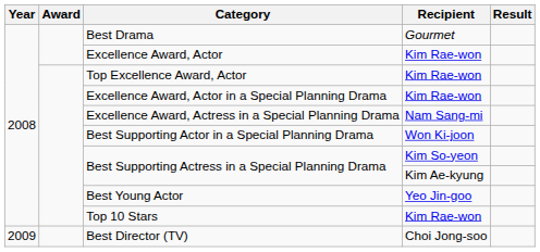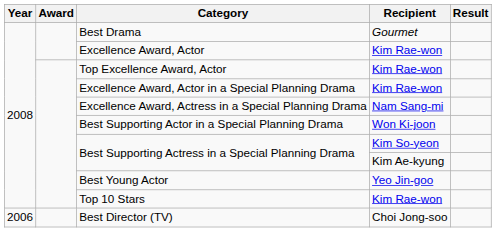 <table class="wikitable">
 <tr>
 <th>Year</th>
 <th>Award</th>
 <th>Category</th>
 <th>Recipient</th>
 <th>Result</th>
 </tr>
 <tr>
 <td rowspan=10>2008</td>
 <td rowspan=2></td>
 <td>Best Drama</td>
 <td><em>Gourmet</em></td>
 <td></td>
 </tr>
 <tr>
 <td>Excellence Award, Actor</td>
 <td><a href='#'>Kim Rae-won</a></td>
 <td></td>
 </tr>
 <tr>
 <td rowspan=8></td>
 <td>Top Excellence Award, Actor</td>
 <td><a href='#'>Kim Rae-won</a></td>
 <td></td>
 </tr>
 <tr>
 <td>Excellence Award, Actor in a Special Planning Drama</td>
 <td><a href='#'>Kim Rae-won</a></td>
 <td></td>
 </tr>
 <tr>
 <td>Excellence Award, Actress in a Special Planning Drama</td>
 <td><a href='#'>Nam Sang-mi</a></td>
 <td></td>
 </tr>
 <tr>
 <td>Best Supporting Actor in a Special Planning Drama</td>
 <td><a href='#'>Won Ki-joon</a></td>
 <td></td>
 </tr>
 <tr>
 <td rowspan=2>Best Supporting Actress in a Special Planning Drama</td>
 <td><a href='#'>Kim So-yeon</a></td>
 <td></td>
 </tr>
 <tr>
 <td>Kim Ae-kyung</td>
 <td></td>
 </tr>
 <tr>
 <td>Best Young Actor</td>
 <td><a href='#'>Yeo Jin-goo</a></td>
 <td></td>
 </tr>
 <tr>
 <td>Top 10 Stars</td>
 <td><a href='#'>Kim Rae-won</a></td>
 <td></td>
 </tr>
 <tr>
-<td>2009</td>
+<td>2006</td>
 <td></td>
 <td>Best Director (TV)</td>
 <td>Choi Jong-soo</td>
 <td></td>
 </tr>
 </table>
